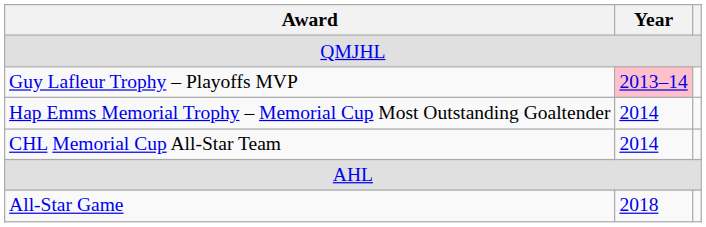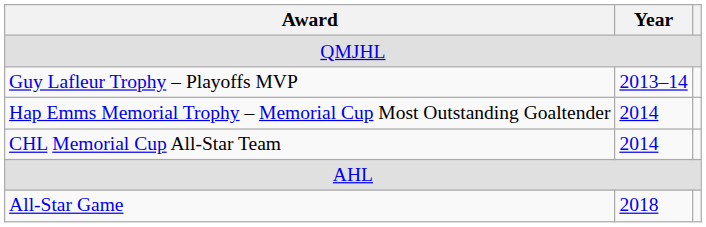 <table class="wikitable">
 <tr>
 <th>Award</th>
 <th>Year</th>
 <th></th>
 </tr>
 <tr ALIGN="center" bgcolor="#e0e0e0">
 <td colspan="3"><a href='#'>QMJHL</a></td>
 </tr>
 <tr>
 <td><a href='#'>Guy Lafleur Trophy</a> – Playoffs MVP</td>
-<td style="background: pink;"><a href='#'>2013–14</a></td>
+<td><a href='#'>2013–14</a></td>
 <td></td>
 </tr>
 <tr>
 <td><a href='#'>Hap Emms Memorial Trophy</a> – <a href='#'>Memorial Cup</a> Most Outstanding Goaltender</td>
 <td><a href='#'>2014</a></td>
 <td></td>
 </tr>
 <tr>
 <td><a href='#'>CHL</a> <a href='#'>Memorial Cup</a> All-Star Team</td>
 <td><a href='#'>2014</a></td>
 <td></td>
 </tr>
 <tr ALIGN="center" bgcolor="#e0e0e0">
 <td colspan="3"><a href='#'>AHL</a></td>
 </tr>
 <tr>
 <td><a href='#'>All-Star Game</a></td>
 <td><a href='#'>2018</a></td>
 <td></td>
 </tr>
 </table>
